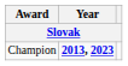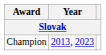 <table class="wikitable">
 <tr>
 <th>Award</th>
 <th>Year</th>
 <th></th>
 </tr>
 <tr>
 <th colspan="3"><a href='#'>Slovak</a></th>
 </tr>
 <tr>
 <td>Champion</td>
-<td><strong><a href='#'>2013</a>, <a href='#'>2023</a></strong></td>
+<td><a href='#'>2013</a>, <a href='#'>2023</a></td>
 <td></td>
 </tr>
 </table>
